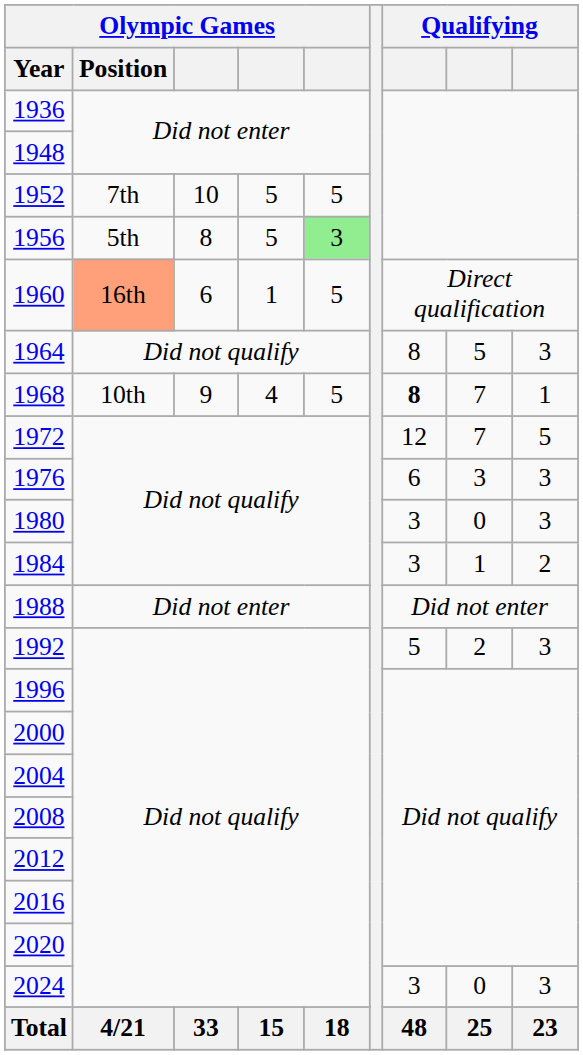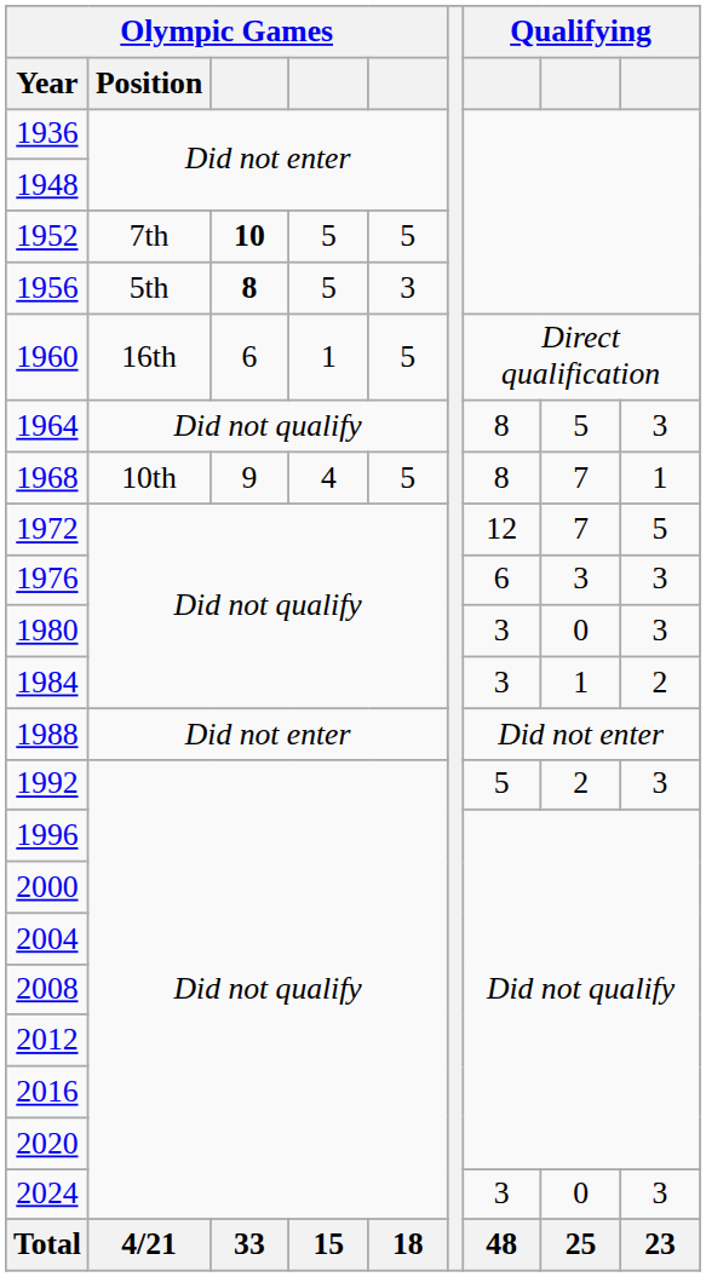 <table class="wikitable" style="text-align: center;font-size:90%;">
 <tr>
 <th colspan=5><a href='#'>Olympic Games</a></th>
 <th rowspan=24></th>
 <th colspan=3><a href='#'>Qualifying</a></th>
 </tr>
 <tr>
 <th>Year</th>
 <th>Position</th>
 <th width=30></th>
 <th width=30></th>
 <th width=30></th>
 <th width=30></th>
 <th width=30></th>
 <th width=30></th>
 </tr>
 <tr>
 <td> <a href='#'>1936</a></td>
 <td colspan=4 rowspan=2><em>Did not enter</em></td>
 </tr>
 <tr>
 <td> <a href='#'>1948</a></td>
 </tr>
 <tr>
 <td> <a href='#'>1952</a></td>
 <td>7th</td>
-<td>10</td>
+<td><strong>10</strong></td>
 <td>5</td>
 <td>5</td>
 </tr>
 <tr>
 <td> <a href='#'>1956</a></td>
 <td>5th</td>
-<td>8</td>
+<td><strong>8</strong></td>
 <td>5</td>
-<td style="background: lightgreen;">3</td>
+<td>3</td>
 </tr>
 <tr>
 <td> <a href='#'>1960</a></td>
-<td style="background: lightsalmon;">16th</td>
+<td>16th</td>
 <td>6</td>
 <td>1</td>
 <td>5</td>
 <td colspan=3><em>Direct qualification</em></td>
 </tr>
 <tr>
 <td> <a href='#'>1964</a></td>
 <td colspan=4><em>Did not qualify</em></td>
 <td>8</td>
 <td>5</td>
 <td>3</td>
 </tr>
 <tr>
 <td> <a href='#'>1968</a></td>
 <td>10th</td>
 <td>9</td>
 <td>4</td>
 <td>5</td>
-<td><strong>8</strong></td>
+<td>8</td>
 <td>7</td>
 <td>1</td>
 </tr>
 <tr>
 <td> <a href='#'>1972</a></td>
 <td colspan=4 rowspan=4><em>Did not qualify</em></td>
 <td>12</td>
 <td>7</td>
 <td>5</td>
 </tr>
 <tr>
 <td> <a href='#'>1976</a></td>
 <td>6</td>
 <td>3</td>
 <td>3</td>
 </tr>
 <tr>
 <td> <a href='#'>1980</a></td>
 <td>3</td>
 <td>0</td>
 <td>3</td>
 </tr>
 <tr>
 <td> <a href='#'>1984</a></td>
 <td>3</td>
 <td>1</td>
 <td>2</td>
 </tr>
 <tr>
 <td> <a href='#'>1988</a></td>
 <td colspan=4><em>Did not enter</em></td>
 <td colspan=3><em>Did not enter</em></td>
 </tr>
 <tr>
 <td> <a href='#'>1992</a></td>
 <td colspan=4 rowspan=9><em>Did not qualify</em></td>
 <td>5</td>
 <td>2</td>
 <td>3</td>
 </tr>
 <tr>
 <td> <a href='#'>1996</a></td>
 <td colspan=3 rowspan=7><em>Did not qualify</em></td>
 </tr>
 <tr>
 <td> <a href='#'>2000</a></td>
 </tr>
 <tr>
 <td> <a href='#'>2004</a></td>
 </tr>
 <tr>
 <td> <a href='#'>2008</a></td>
 </tr>
 <tr>
 <td> <a href='#'>2012</a></td>
 </tr>
 <tr>
 <td> <a href='#'>2016</a></td>
 </tr>
 <tr>
 <td> <a href='#'>2020</a></td>
 </tr>
 <tr>
 <td> <a href='#'>2024</a></td>
 <td>3</td>
 <td>0</td>
 <td>3</td>
 </tr>
 <tr>
 <th>Total</th>
 <th>4/21</th>
 <th>33</th>
 <th>15</th>
 <th>18</th>
 <th>48</th>
 <th>25</th>
 <th>23</th>
 </tr>
 </table>
